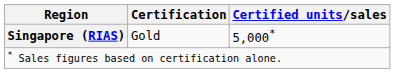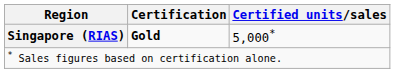 <table class="wikitable sortable plainrowheaders">
 <tr>
 <th>Region</th>
 <th>Certification</th>
 <th><a href='#'>Certified units</a>/sales</th>
 </tr>
 <tr>
 <th scope="row">Singapore (<a href='#'>RIAS</a>)</th>
-<td>Gold</td>
+<td><strong>Gold</strong></td>
 <td>5,000<sup>*</sup></td>
 </tr>
 <tr>
 <td colspan="3"><small><sup>*</sup> Sales figures based on certification alone.</small></td>
 </tr>
 </table>
